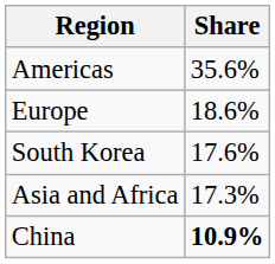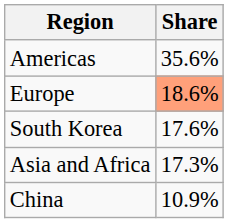 <table class="wikitable floatright">
 <tr>
 <th>Region</th>
 <th>Share</th>
 </tr>
 <tr>
 <td>Americas</td>
 <td>35.6%</td>
 </tr>
 <tr>
 <td>Europe</td>
-<td>18.6%</td>
+<td style="background: lightsalmon;">18.6%</td>
 </tr>
 <tr>
 <td>South Korea</td>
 <td>17.6%</td>
 </tr>
 <tr>
 <td>Asia and Africa</td>
 <td>17.3%</td>
 </tr>
 <tr>
 <td>China</td>
-<td><strong>10.9%</strong></td>
+<td>10.9%</td>
 </tr>
 </table>
